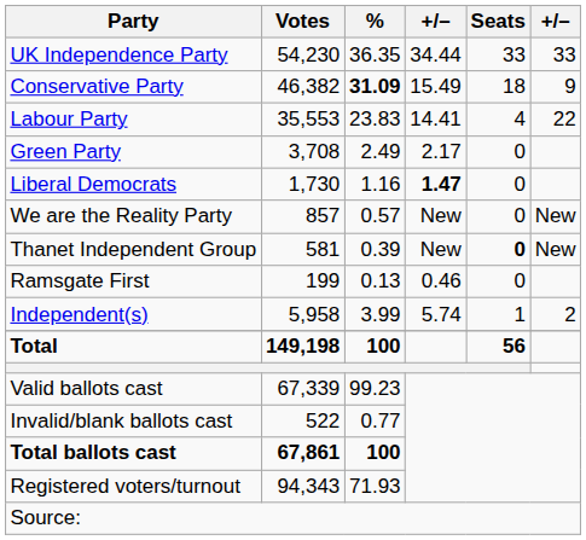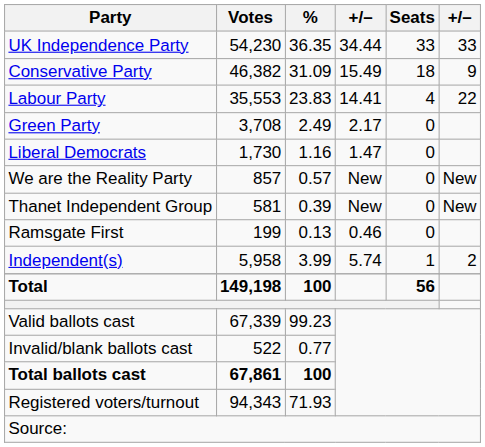 <table class=wikitable style=text-align:right>
 <tr>
 <th>Party</th>
 <th>Votes</th>
 <th>%</th>
 <th>+/–</th>
 <th>Seats</th>
 <th>+/–</th>
 </tr>
 <tr>
 <td align=left><a href='#'>UK Independence Party</a></td>
 <td>54,230</td>
 <td>36.35</td>
 <td>34.44</td>
 <td>33</td>
 <td>33</td>
 </tr>
 <tr>
 <td align=left><a href='#'>Conservative Party</a></td>
 <td>46,382</td>
-<td><strong>31.09</strong></td>
+<td>31.09</td>
 <td>15.49</td>
 <td>18</td>
 <td>9</td>
 </tr>
 <tr>
 <td align=left><a href='#'>Labour Party</a></td>
 <td>35,553</td>
 <td>23.83</td>
 <td>14.41</td>
 <td>4</td>
 <td>22</td>
 </tr>
 <tr>
 <td align=left><a href='#'>Green Party</a></td>
 <td>3,708</td>
 <td>2.49</td>
 <td>2.17</td>
 <td>0</td>
 <td></td>
 </tr>
 <tr>
 <td align=left><a href='#'>Liberal Democrats</a></td>
 <td>1,730</td>
 <td>1.16</td>
-<td><strong>1.47</strong></td>
+<td>1.47</td>
 <td>0</td>
 <td></td>
 </tr>
 <tr>
 <td align=left>We are the Reality Party</td>
 <td>857</td>
 <td>0.57</td>
 <td>New</td>
 <td>0</td>
 <td>New</td>
 </tr>
 <tr>
 <td align=left>Thanet Independent Group</td>
 <td>581</td>
 <td>0.39</td>
 <td>New</td>
-<td><strong>0</strong></td>
+<td>0</td>
 <td>New</td>
 </tr>
 <tr>
 <td align=left>Ramsgate First</td>
 <td>199</td>
 <td>0.13</td>
 <td>0.46</td>
 <td>0</td>
 <td></td>
 </tr>
 <tr>
 <td align=left><a href='#'>Independent(s)</a></td>
 <td>5,958</td>
 <td>3.99</td>
 <td>5.74</td>
 <td>1</td>
 <td>2</td>
 </tr>
 <tr>
 </tr>
 <tr>
 <td align=left><strong>Total</strong></td>
 <td><strong>149,198</strong></td>
 <td><strong>100</strong></td>
 <td><strong> </strong></td>
 <td><strong>56</strong></td>
 <td><strong> </strong></td>
 </tr>
 <tr>
 <th colspan=5></th>
 </tr>
 <tr>
 <td align=left>Valid ballots cast</td>
 <td>67,339</td>
 <td>99.23</td>
 <td colspan=3 rowspan=4></td>
 </tr>
 <tr>
 <td align=left>Invalid/blank ballots cast</td>
 <td>522</td>
 <td>0.77</td>
 </tr>
 <tr>
 <td align=left><strong>Total ballots cast</strong></td>
 <td><strong>67,861</strong></td>
 <td><strong>100</strong></td>
 </tr>
 <tr>
 <td align=left>Registered voters/turnout</td>
 <td>94,343</td>
 <td>71.93</td>
 </tr>
 <tr>
 <td align=left colspan=6>Source: </td>
 </tr>
 </table>
